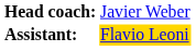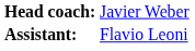 <table>
 <tr>
 <td><strong>Head coach:</strong></td>
 <td><a href='#'>Javier Weber</a></td>
 </tr>
 <tr>
 <td><strong>Assistant:</strong></td>
-<td style="background: gold;"><a href='#'>Flavio Leoni</a></td>
+<td><a href='#'>Flavio Leoni</a></td>
 </tr>
 </table>
